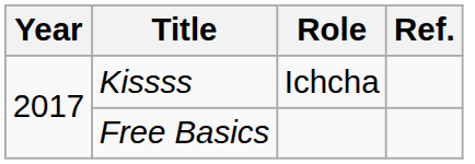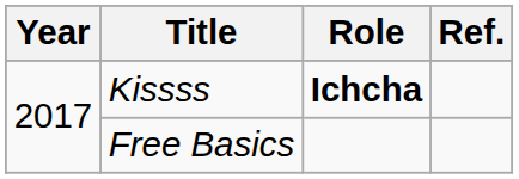 <table class="wikitable sortable">
 <tr>
 <th>Year</th>
 <th>Title</th>
 <th>Role</th>
 <th>Ref.</th>
 </tr>
 <tr>
 <td rowspan="2">2017</td>
 <td><em>Kissss</em></td>
-<td>Ichcha</td>
+<td><strong>Ichcha</strong></td>
 <td></td>
 </tr>
 <tr>
 <td><em>Free Basics</em></td>
 <td></td>
 <td></td>
 </tr>
 </table>
